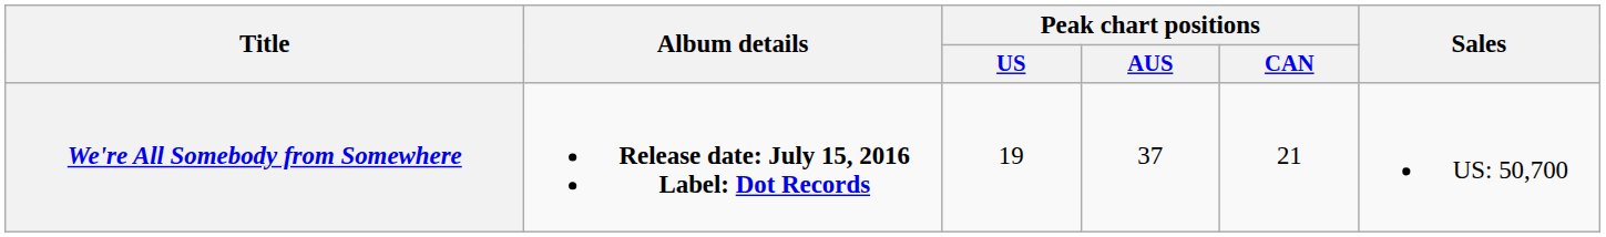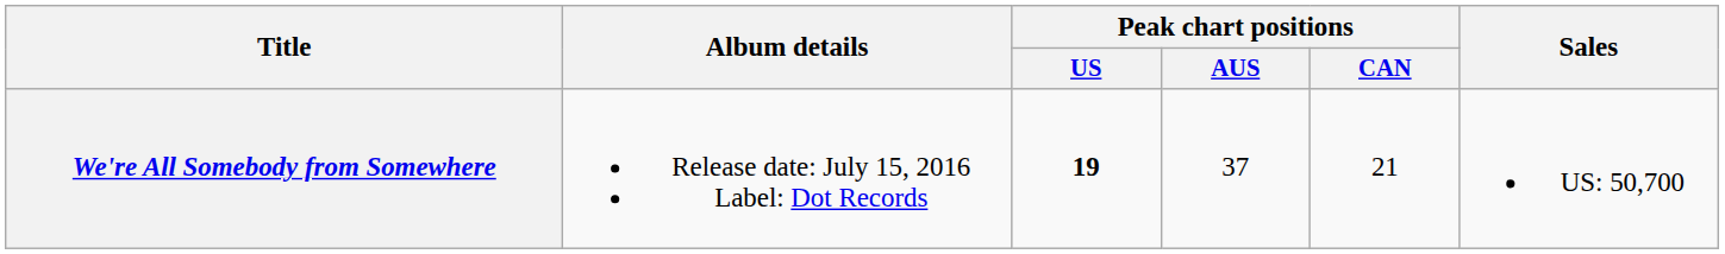 <table class="wikitable plainrowheaders" style="text-align:center;">
 <tr>
 <th style="width:20em;" rowspan="2">Title</th>
 <th style="width:16em;" rowspan="2">Album details</th>
 <th style="width:16em;" colspan="3">Peak chart positions</th>
 <th style="width:9em;" rowspan="2">Sales</th>
 </tr>
 <tr>
 <th scope="col" style="width:2.8em;font-size:90%;"><a href='#'>US</a><br></th>
 <th scope="col" style="width:2.8em;font-size:90%;"><a href='#'>AUS</a><br></th>
 <th scope="col" style="width:2.8em;font-size:90%;"><a href='#'>CAN</a><br></th>
 </tr>
 <tr>
 <th scope="row"><em><a href='#'>We're All Somebody from Somewhere</a></em></th>
-<td><strong><br><ul><li>Release date: July 15, 2016</li><li>Label: <a href='#'>Dot Records</a></li></ul></strong></td>
-<td>19</td>
+<td><br><ul><li>Release date: July 15, 2016</li><li>Label: <a href='#'>Dot Records</a></li></ul></td>
+<td><strong>19</strong></td>
 <td>37</td>
 <td>21</td>
 <td><br><ul><li>US: 50,700</li></ul></td>
 </tr>
 </table>
